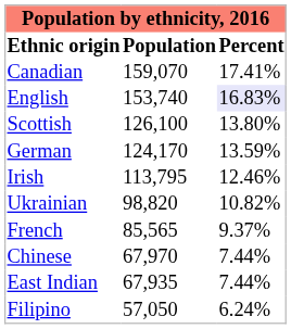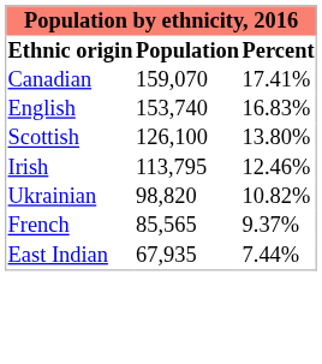 <table cellpadding="1" style="align:left; margin:0 1em 1em 0; border:1px #bbb solid; border-collapse:collapse; font-size:90%;">
 <tr style="text-align:center; background:salmon;">
 <th colspan=3>Population by ethnicity, 2016</th>
 </tr>
 <tr>
 <th>Ethnic origin</th>
 <th>Population</th>
 <th>Percent</th>
 </tr>
 <tr>
 <td><a href='#'>Canadian</a></td>
 <td>159,070</td>
 <td>17.41%</td>
 </tr>
 <tr>
 <td><a href='#'>English</a></td>
 <td>153,740</td>
-<td style="background: lavender;">16.83%</td>
+<td>16.83%</td>
 </tr>
 <tr>
 <td><a href='#'>Scottish</a></td>
 <td>126,100</td>
 <td>13.80%</td>
-</tr>
-<tr>
-<td><a href='#'>German</a></td>
-<td>124,170</td>
-<td>13.59%</td>
 </tr>
 <tr>
 <td><a href='#'>Irish</a></td>
 <td>113,795</td>
 <td>12.46%</td>
 </tr>
 <tr>
 <td><a href='#'>Ukrainian</a></td>
 <td>98,820</td>
 <td>10.82%</td>
 </tr>
 <tr>
 <td><a href='#'>French</a></td>
 <td>85,565</td>
 <td>9.37%</td>
 </tr>
 <tr>
-<td><a href='#'>Chinese</a></td>
-<td>67,970</td>
-<td>7.44%</td>
-</tr>
-<tr>
 <td><a href='#'>East Indian</a></td>
 <td>67,935</td>
 <td>7.44%</td>
 </tr>
-<tr>
-<td><a href='#'>Filipino</a></td>
-<td>57,050</td>
-<td>6.24%</td>
-</tr>
 </table>
